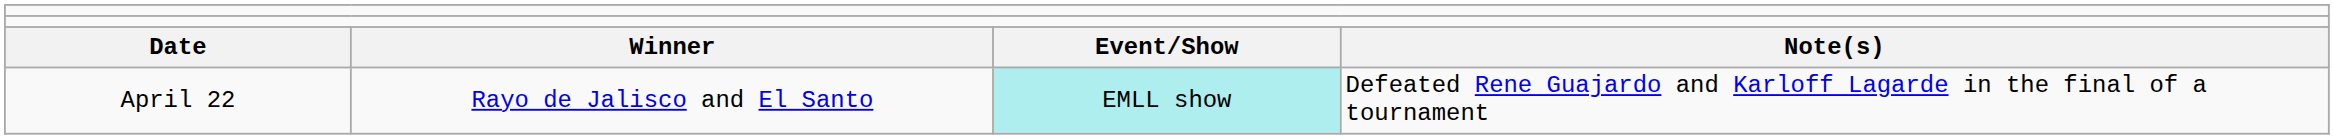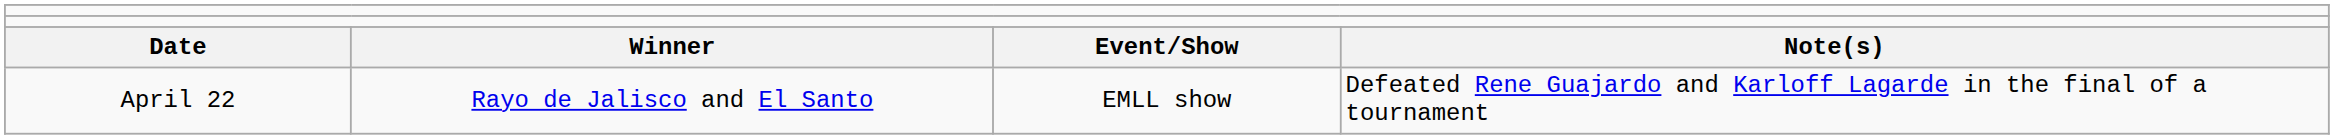 <table class="wikitable" style="text-align:center; width:100%;">
 <tr>
 <td colspan=5></td>
 </tr>
 <tr>
 <td colspan=5><strong></strong></td>
 </tr>
 <tr>
 <th width=14%>Date</th>
 <th width=26%>Winner</th>
 <th width=14%>Event/Show</th>
 <th width=40%>Note(s)</th>
 </tr>
 <tr>
 <td>April 22</td>
 <td><a href='#'>Rayo de Jalisco</a> and <a href='#'>El Santo</a></td>
-<td style="background: paleturquoise;">EMLL show</td>
+<td>EMLL show</td>
 <td align=left>Defeated <a href='#'>Rene Guajardo</a> and <a href='#'>Karloff Lagarde</a> in the final of a tournament</td>
 </tr>
 </table>
